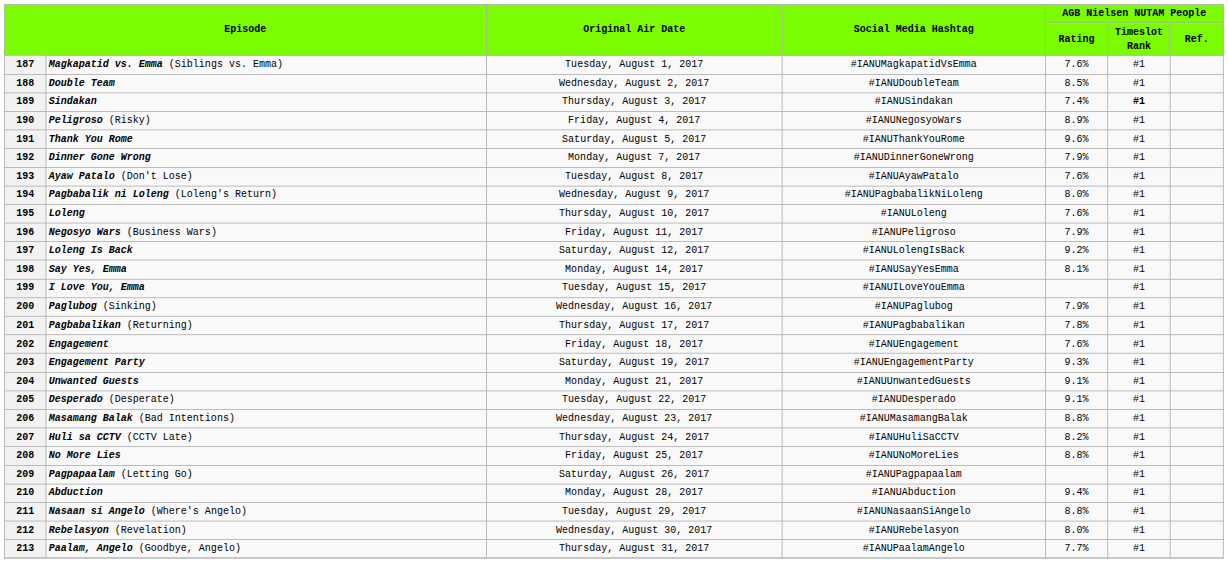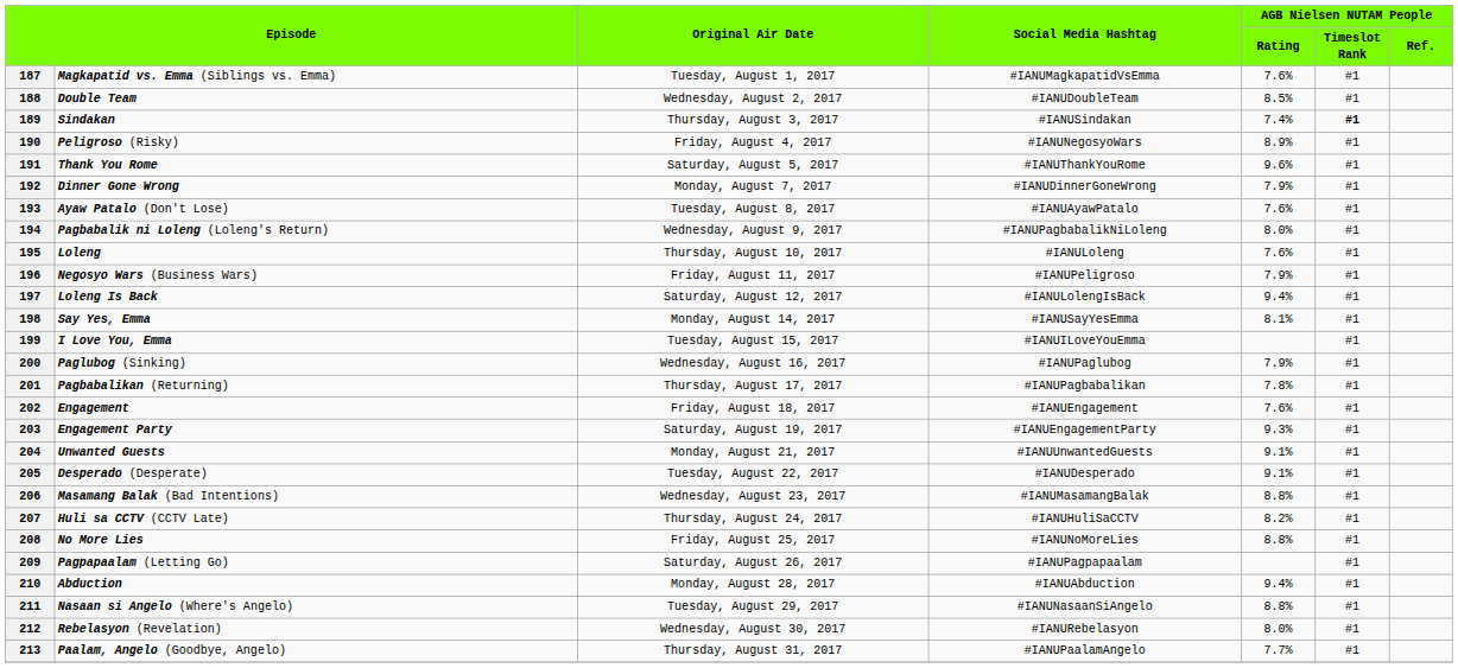 <table class="wikitable" style="text-align:center; font-size:100%; line-height:18px;"  width="100%">
 <tr>
 <th colspan="2" rowspan="2" style="background-color:#7CFC00; color:#000000;">Episode</th>
 <th style="background:#7CFC00; color:black" rowspan="2">Original Air Date</th>
 <th style="background:#7CFC00; color:black" rowspan="2">Social Media Hashtag</th>
 <th style="background-color:#7CFC00; color:#000000;" colspan="3">AGB Nielsen NUTAM People</th>
 </tr>
 <tr>
 <th style="background-color:#7CFC00; width:75px; color:#000000;">Rating</th>
 <th style="background-color:#7CFC00; width:75px; color:#000000;">Timeslot<br>Rank</th>
 <th style="background-color:#7CFC00; color:#000000;">Ref.</th>
 </tr>
 <tr>
 <th>187</th>
 <td style="text-align: left;"><strong><em>Magkapatid vs. Emma</em></strong> (Siblings vs. Emma)</td>
 <td>Tuesday, August 1, 2017</td>
 <td>#IANUMagkapatidVsEmma</td>
 <td>7.6%</td>
 <td>#1</td>
 <td></td>
 </tr>
 <tr>
 <th>188</th>
 <td style="text-align: left;"><strong><em>Double Team</em></strong></td>
 <td>Wednesday, August 2, 2017</td>
 <td>#IANUDoubleTeam</td>
 <td>8.5%</td>
 <td>#1</td>
 <td></td>
 </tr>
 <tr>
 <th>189</th>
 <td style="text-align: left;"><strong><em>Sindakan</em></strong></td>
 <td>Thursday, August 3, 2017</td>
 <td>#IANUSindakan</td>
 <td>7.4%</td>
 <td><strong>#1</strong></td>
 <td></td>
 </tr>
 <tr>
 <th>190</th>
 <td style="text-align: left;"><strong><em>Peligroso</em></strong> (Risky)</td>
 <td>Friday, August 4, 2017</td>
 <td>#IANUNegosyoWars</td>
 <td>8.9%</td>
 <td>#1</td>
 <td></td>
 </tr>
 <tr>
 <th>191</th>
 <td style="text-align: left;"><strong><em>Thank You Rome</em></strong></td>
 <td>Saturday, August 5, 2017</td>
 <td>#IANUThankYouRome</td>
 <td>9.6%</td>
 <td>#1</td>
 <td></td>
 </tr>
 <tr>
 <th>192</th>
 <td style="text-align: left;"><strong><em>Dinner Gone Wrong</em></strong></td>
 <td>Monday, August 7, 2017</td>
 <td>#IANUDinnerGoneWrong</td>
 <td>7.9%</td>
 <td>#1</td>
 <td></td>
 </tr>
 <tr>
 <th>193</th>
 <td style="text-align: left;"><strong><em>Ayaw Patalo</em></strong> (Don't Lose)</td>
 <td>Tuesday, August 8, 2017</td>
 <td>#IANUAyawPatalo</td>
 <td>7.6%</td>
 <td>#1</td>
 <td></td>
 </tr>
 <tr>
 <th>194</th>
 <td style="text-align: left;"><strong><em>Pagbabalik ni Loleng</em></strong> (Loleng's Return)</td>
 <td>Wednesday, August 9, 2017</td>
 <td>#IANUPagbabalikNiLoleng</td>
 <td>8.0%</td>
 <td>#1</td>
 <td></td>
 </tr>
 <tr>
 <th>195</th>
 <td style="text-align: left;"><strong><em>Loleng</em></strong></td>
 <td>Thursday, August 10, 2017</td>
 <td>#IANULoleng</td>
 <td>7.6%</td>
 <td>#1</td>
 <td></td>
 </tr>
 <tr>
 <th>196</th>
 <td style="text-align: left;"><strong><em>Negosyo Wars</em></strong> (Business Wars)</td>
 <td>Friday, August 11, 2017</td>
 <td>#IANUPeligroso</td>
 <td>7.9%</td>
 <td>#1</td>
 <td></td>
 </tr>
 <tr>
 <th>197</th>
 <td style="text-align: left;"><strong><em>Loleng Is Back</em></strong></td>
 <td>Saturday, August 12, 2017</td>
 <td>#IANULolengIsBack</td>
-<td>9.2%</td>
+<td>9.4%</td>
 <td>#1</td>
 <td></td>
 </tr>
 <tr>
 <th>198</th>
 <td style="text-align: left;"><strong><em>Say Yes, Emma</em></strong></td>
 <td>Monday, August 14, 2017</td>
 <td>#IANUSayYesEmma</td>
 <td>8.1%</td>
 <td>#1</td>
 <td></td>
 </tr>
 <tr>
 <th>199</th>
 <td style="text-align: left;"><strong><em>I Love You, Emma</em></strong></td>
 <td>Tuesday, August 15, 2017</td>
 <td>#IANUILoveYouEmma</td>
 <td></td>
 <td>#1</td>
 <td></td>
 </tr>
 <tr>
 <th>200</th>
 <td style="text-align: left;"><strong><em>Paglubog</em></strong> (Sinking)</td>
 <td>Wednesday, August 16, 2017</td>
 <td>#IANUPaglubog</td>
 <td>7.9%</td>
 <td>#1</td>
 <td></td>
 </tr>
 <tr>
 <th>201</th>
 <td style="text-align: left;"><strong><em>Pagbabalikan</em></strong> (Returning)</td>
 <td>Thursday, August 17, 2017</td>
 <td>#IANUPagbabalikan</td>
 <td>7.8%</td>
 <td>#1</td>
 <td></td>
 </tr>
 <tr>
 <th>202</th>
 <td style="text-align: left;"><strong><em>Engagement</em></strong></td>
 <td>Friday, August 18, 2017</td>
 <td>#IANUEngagement</td>
 <td>7.6%</td>
 <td>#1</td>
 <td></td>
 </tr>
 <tr>
 <th>203</th>
 <td style="text-align: left;"><strong><em>Engagement Party</em></strong></td>
 <td>Saturday, August 19, 2017</td>
 <td>#IANUEngagementParty</td>
 <td>9.3%</td>
 <td>#1</td>
 <td></td>
 </tr>
 <tr>
 <th>204</th>
 <td style="text-align: left;"><strong><em>Unwanted Guests</em></strong></td>
 <td>Monday, August 21, 2017</td>
 <td>#IANUUnwantedGuests</td>
 <td>9.1%</td>
 <td>#1</td>
 <td></td>
 </tr>
 <tr>
 <th>205</th>
 <td style="text-align: left;"><strong><em>Desperado</em></strong> (Desperate)</td>
 <td>Tuesday, August 22, 2017</td>
 <td>#IANUDesperado</td>
 <td>9.1%</td>
 <td>#1</td>
 <td></td>
 </tr>
 <tr>
 <th>206</th>
 <td style="text-align: left;"><strong><em>Masamang Balak</em></strong> (Bad Intentions)</td>
 <td>Wednesday, August 23, 2017</td>
 <td>#IANUMasamangBalak</td>
 <td>8.8%</td>
 <td>#1</td>
 <td></td>
 </tr>
 <tr>
 <th>207</th>
 <td style="text-align: left;"><strong><em>Huli sa CCTV</em></strong> (CCTV Late)</td>
 <td>Thursday, August 24, 2017</td>
 <td>#IANUHuliSaCCTV</td>
 <td>8.2%</td>
 <td>#1</td>
 <td></td>
 </tr>
 <tr>
 <th>208</th>
 <td style="text-align: left;"><strong><em>No More Lies</em></strong></td>
 <td>Friday, August 25, 2017</td>
 <td>#IANUNoMoreLies</td>
 <td>8.8%</td>
 <td>#1</td>
 <td></td>
 </tr>
 <tr>
 <th>209</th>
 <td style="text-align: left;"><strong><em>Pagpapaalam</em></strong> (Letting Go)</td>
 <td>Saturday, August 26, 2017</td>
 <td>#IANUPagpapaalam</td>
 <td></td>
 <td>#1</td>
 <td></td>
 </tr>
 <tr>
 <th>210</th>
 <td style="text-align: left;"><strong><em>Abduction</em></strong></td>
 <td>Monday, August 28, 2017</td>
 <td>#IANUAbduction</td>
 <td>9.4%</td>
 <td>#1</td>
 <td></td>
 </tr>
 <tr>
 <th>211</th>
 <td style="text-align: left;"><strong><em>Nasaan si Angelo</em></strong> (Where's Angelo)</td>
 <td>Tuesday, August 29, 2017</td>
 <td>#IANUNasaanSiAngelo</td>
 <td>8.8%</td>
 <td>#1</td>
 <td></td>
 </tr>
 <tr>
 <th>212</th>
 <td style="text-align: left;"><strong><em>Rebelasyon</em></strong> (Revelation)</td>
 <td>Wednesday, August 30, 2017</td>
 <td>#IANURebelasyon</td>
 <td>8.0%</td>
 <td>#1</td>
 <td></td>
 </tr>
 <tr>
 <th>213</th>
 <td style="text-align: left;"><strong><em>Paalam, Angelo</em></strong> (Goodbye, Angelo)</td>
 <td>Thursday, August 31, 2017</td>
 <td>#IANUPaalamAngelo</td>
 <td>7.7%</td>
 <td>#1</td>
 <td></td>
 </tr>
 <tr>
 </tr>
 </table>
